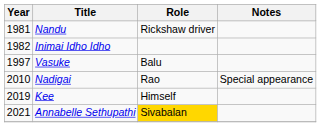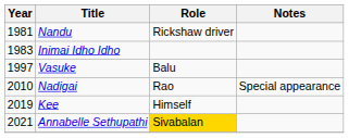 <table class="wikitable plainrowheaders sortable">
 <tr style="background:#ccc; align:center,">
 <th scope="col">Year</th>
 <th scope="col">Title</th>
 <th scope="col">Role</th>
 <th scope="col">Notes</th>
 </tr>
 <tr>
 <td>1981</td>
 <td><em><a href='#'>Nandu</a></em></td>
 <td>Rickshaw driver</td>
 <td></td>
 </tr>
 <tr>
-<td>1982</td>
+<td>1983</td>
 <td><em><a href='#'>Inimai Idho Idho</a></em></td>
 <td></td>
 <td></td>
 </tr>
 <tr>
 <td>1997</td>
 <td><em><a href='#'>Vasuke</a></em></td>
 <td>Balu</td>
 <td></td>
 </tr>
 <tr>
 <td>2010</td>
 <td><em><a href='#'>Nadigai</a></em></td>
 <td>Rao</td>
 <td>Special appearance</td>
 </tr>
 <tr>
 <td>2019</td>
 <td><em><a href='#'>Kee</a></em></td>
 <td>Himself</td>
 <td></td>
 </tr>
 <tr>
 <td>2021</td>
 <td><em><a href='#'>Annabelle Sethupathi</a></em></td>
 <td style="background: gold;">Sivabalan</td>
 <td></td>
 </tr>
 <tr>
 </tr>
 </table>
